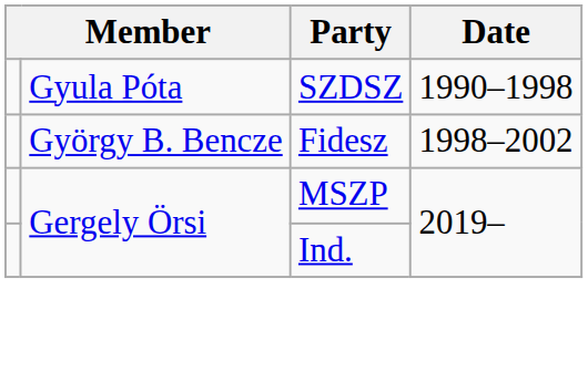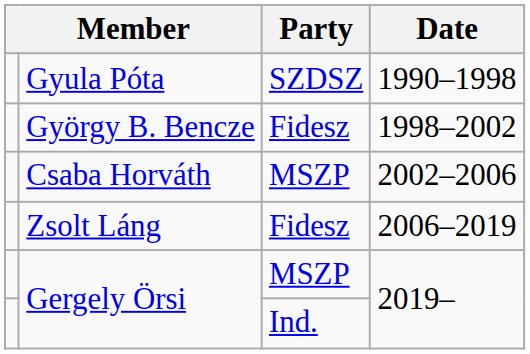 <table class=wikitable>
 <tr>
 <th colspan=2>Member</th>
 <th>Party</th>
 <th>Date</th>
 </tr>
 <tr>
 <td style="background-color:"></td>
 <td><a href='#'>Gyula Póta</a></td>
 <td><a href='#'>SZDSZ</a></td>
 <td>1990–1998</td>
 </tr>
 <tr>
 <td style="background-color:"></td>
 <td><a href='#'>György B. Bencze</a></td>
 <td><a href='#'>Fidesz</a></td>
 <td>1998–2002</td>
 </tr>
 <tr>
 <td style="background-color:"></td>
+<td><a href='#'>Csaba Horváth</a></td>
+<td><a href='#'>MSZP</a></td>
+<td>2002–2006</td>
+</tr>
+<tr>
+<td style="background-color:"></td>
+<td><a href='#'>Zsolt Láng</a></td>
+<td><a href='#'>Fidesz</a></td>
+<td>2006–2019</td>
+</tr>
+<tr>
+<td style="background-color:"></td>
 <td rowspan=2><a href='#'>Gergely Örsi</a></td>
 <td><a href='#'>MSZP</a></td>
 <td rowspan=2>2019–</td>
 </tr>
 <tr>
 <td style="background-color:"></td>
 <td><a href='#'>Ind.</a></td>
 </tr>
 </table>
